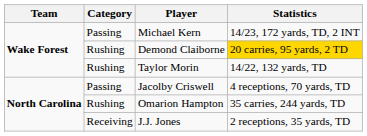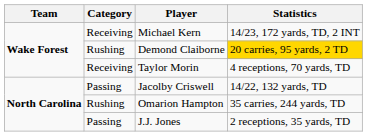 <table class="wikitable" style="float: right;">
 <tr>
 <th>Team</th>
 <th>Category</th>
 <th>Player</th>
 <th>Statistics</th>
 </tr>
 <tr>
 <td rowspan=3><strong>Wake Forest</strong></td>
-<td>Passing</td>
+<td>Receiving</td>
 <td>Michael Kern</td>
 <td>14/23, 172 yards, TD, 2 INT</td>
 </tr>
 <tr>
 <td>Rushing</td>
 <td>Demond Claiborne</td>
 <td style="background: gold;">20 carries, 95 yards, 2 TD</td>
 </tr>
 <tr>
-<td>Rushing</td>
+<td>Receiving</td>
 <td>Taylor Morin</td>
-<td>14/22, 132 yards, TD</td>
+<td>4 receptions, 70 yards, TD</td>
 </tr>
 <tr>
 <td rowspan=3><strong>North Carolina</strong></td>
 <td>Passing</td>
 <td>Jacolby Criswell</td>
-<td>4 receptions, 70 yards, TD</td>
+<td>14/22, 132 yards, TD</td>
 </tr>
 <tr>
 <td>Rushing</td>
 <td>Omarion Hampton</td>
 <td>35 carries, 244 yards, TD</td>
 </tr>
 <tr>
-<td>Receiving</td>
+<td>Passing</td>
 <td>J.J. Jones</td>
 <td>2 receptions, 35 yards, TD</td>
 </tr>
 </table>
